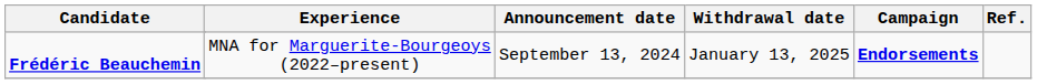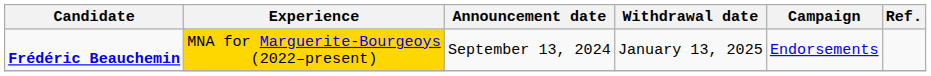 <table class="wikitable sortable" style="text-align:center;">
 <tr>
 <th scope="col" colspan=2>Candidate</th>
 <th scope="col" class="unsortable">Experience</th>
 <th scope="col">Announcement date</th>
 <th scope="col">Withdrawal date</th>
 <th scope="col">Campaign</th>
 <th scope="col">Ref.</th>
 </tr>
 <tr>
 <td scope="row" colspan=2 data-sort-value="Beauchemin, Frédéric"><br><strong><a href='#'>Frédéric Beauchemin</a></strong></td>
-<td>MNA for <a href='#'>Marguerite-Bourgeoys</a><br>(2022–present)</td>
+<td style="background: gold;">MNA for <a href='#'>Marguerite-Bourgeoys</a><br>(2022–present)</td>
 <td>September 13, 2024</td>
 <td>January 13, 2025</td>
-<td><strong><a href='#'>Endorsements</a><br></strong></td>
+<td><a href='#'>Endorsements</a><br></td>
 <td><br></td>
 </tr>
 <tr>
 </tr>
 </table>
